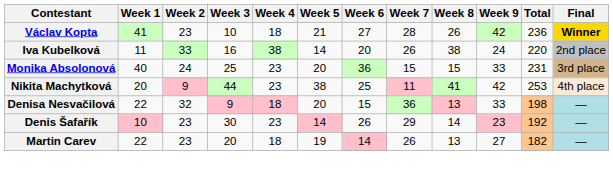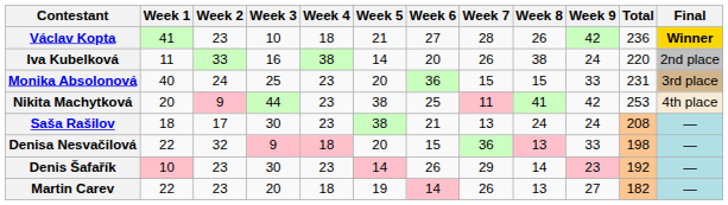 <table class="wikitable sortable" style="text-align:center">
 <tr>
 <th>Contestant</th>
 <th>Week 1</th>
 <th>Week 2</th>
 <th>Week 3</th>
 <th>Week 4</th>
 <th>Week 5</th>
 <th>Week 6</th>
 <th>Week 7</th>
 <th>Week 8</th>
 <th>Week 9</th>
 <th>Total</th>
 <th>Final</th>
 </tr>
 <tr>
 <th><a href='#'>Václav Kopta</a></th>
 <td style="background:#cbffc0">41</td>
 <td>23</td>
 <td>10</td>
 <td>18</td>
 <td>21</td>
 <td>27</td>
 <td>28</td>
 <td>26</td>
 <td data-sort-value=a; style="background:#cbffc0">42</td>
 <td>236</td>
 <td style="background:gold"><strong>Winner</strong></td>
 </tr>
 <tr>
 <th>Iva Kubelková</th>
 <td>11</td>
 <td style="background:#cbffc0">33</td>
 <td>16</td>
 <td style="background:#cbffc0">38</td>
 <td>14</td>
 <td>20</td>
 <td>26</td>
 <td>38</td>
 <td>24</td>
 <td>220</td>
 <td style="background:silver">2nd place</td>
 </tr>
 <tr>
 <th><a href='#'>Monika Absolonová</a></th>
 <td>40</td>
 <td>24</td>
 <td>25</td>
 <td>23</td>
 <td>20</td>
 <td style="background:#cbffc0">36</td>
 <td>15</td>
 <td>15</td>
 <td>33</td>
 <td>231</td>
 <td style="background:tan">3rd place</td>
 </tr>
 <tr>
 <th>Nikita Machytková</th>
 <td>20</td>
 <td style="background:pink">9</td>
 <td style="background:#cbffc0">44</td>
 <td>23</td>
 <td data-sort-value=a>38</td>
 <td>25</td>
 <td style="background:pink">11</td>
 <td style="background:#cbffc0">41</td>
 <td>42</td>
 <td>253</td>
 <td style="background:antiquewhite">4th place</td>
 </tr>
 <tr>
+<th><a href='#'>Saša Rašilov</a></th>
+<td>18</td>
+<td>17</td>
+<td>30</td>
+<td>23</td>
+<td data-sort-value=b; style="background:#cbffc0">38</td>
+<td>21</td>
+<td>13</td>
+<td>24</td>
+<td>24</td>
+<td style="background:#fdc58f;">208</td>
+<td style="background:#b0e0e6;">—</td>
+</tr>
+<tr>
 <th>Denisa Nesvačilová</th>
 <td>22</td>
 <td>32</td>
 <td style="background:pink">9</td>
 <td data-sort-value=1; style="background:pink">18</td>
 <td>20</td>
 <td>15</td>
 <td style="background:#cbffc0">36</td>
 <td data-sort-value=1; style="background:pink">13</td>
 <td>33</td>
 <td style="background:#fdc58f;">198</td>
 <td style="background:#b0e0e6;">—</td>
 </tr>
 <tr>
 <th>Denis Šafařík</th>
 <td style="background:pink">10</td>
 <td>23</td>
 <td>30</td>
 <td>23</td>
 <td data-sort-value=1; style="background:pink">14</td>
 <td>26</td>
 <td>29</td>
 <td>14</td>
 <td style="background:pink">23</td>
 <td style="background:#fdc58f;">192</td>
 <td style="background:#b0e0e6;">—</td>
 </tr>
 <tr>
 <th>Martin Carev</th>
 <td>22</td>
 <td>23</td>
 <td>20</td>
 <td>18</td>
 <td>19</td>
 <td style="background:pink">14</td>
 <td>26</td>
 <td>13</td>
 <td>27</td>
 <td style="background:#fdc58f;">182</td>
 <td style="background:#b0e0e6;">—</td>
 </tr>
 </table>
